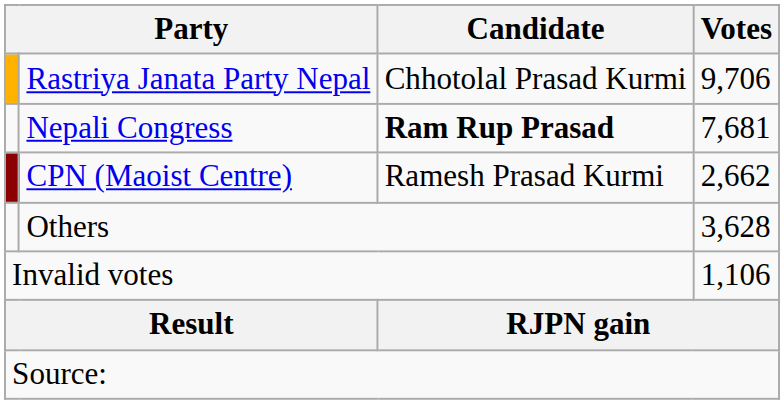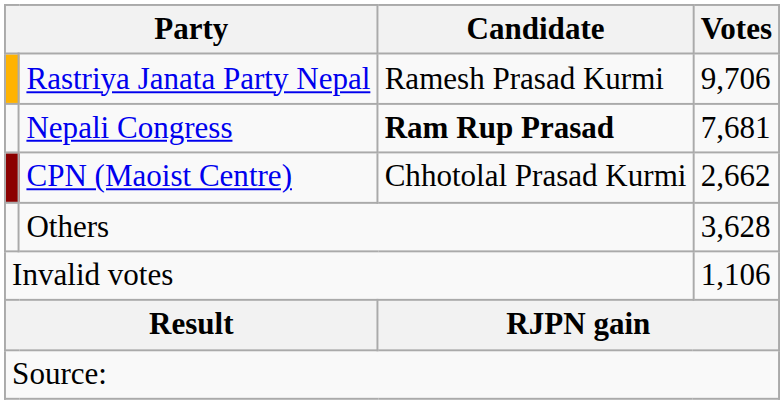 <table class="wikitable">
 <tr>
 <th colspan="2">Party</th>
 <th>Candidate</th>
 <th>Votes</th>
 </tr>
 <tr>
 <td style="background-color:#ffb300"></td>
 <td><a href='#'>Rastriya Janata Party Nepal</a></td>
-<td>Chhotolal Prasad Kurmi</td>
+<td>Ramesh Prasad Kurmi</td>
 <td>9,706</td>
 </tr>
 <tr>
 <td style="background-color:"></td>
 <td><a href='#'>Nepali Congress</a></td>
 <td><strong>Ram Rup Prasad</strong></td>
 <td>7,681</td>
 </tr>
 <tr>
 <td style="background-color:darkred"></td>
 <td><a href='#'>CPN (Maoist Centre)</a></td>
-<td>Ramesh Prasad Kurmi</td>
+<td>Chhotolal Prasad Kurmi</td>
 <td>2,662</td>
 </tr>
 <tr>
 <td></td>
 <td colspan="2">Others</td>
 <td>3,628</td>
 </tr>
 <tr>
 <td colspan="3">Invalid votes</td>
 <td>1,106</td>
 </tr>
 <tr>
 <th colspan="2">Result</th>
 <th colspan="2">RJPN gain</th>
 </tr>
 <tr>
 <td colspan="4">Source: </td>
 </tr>
 </table>
